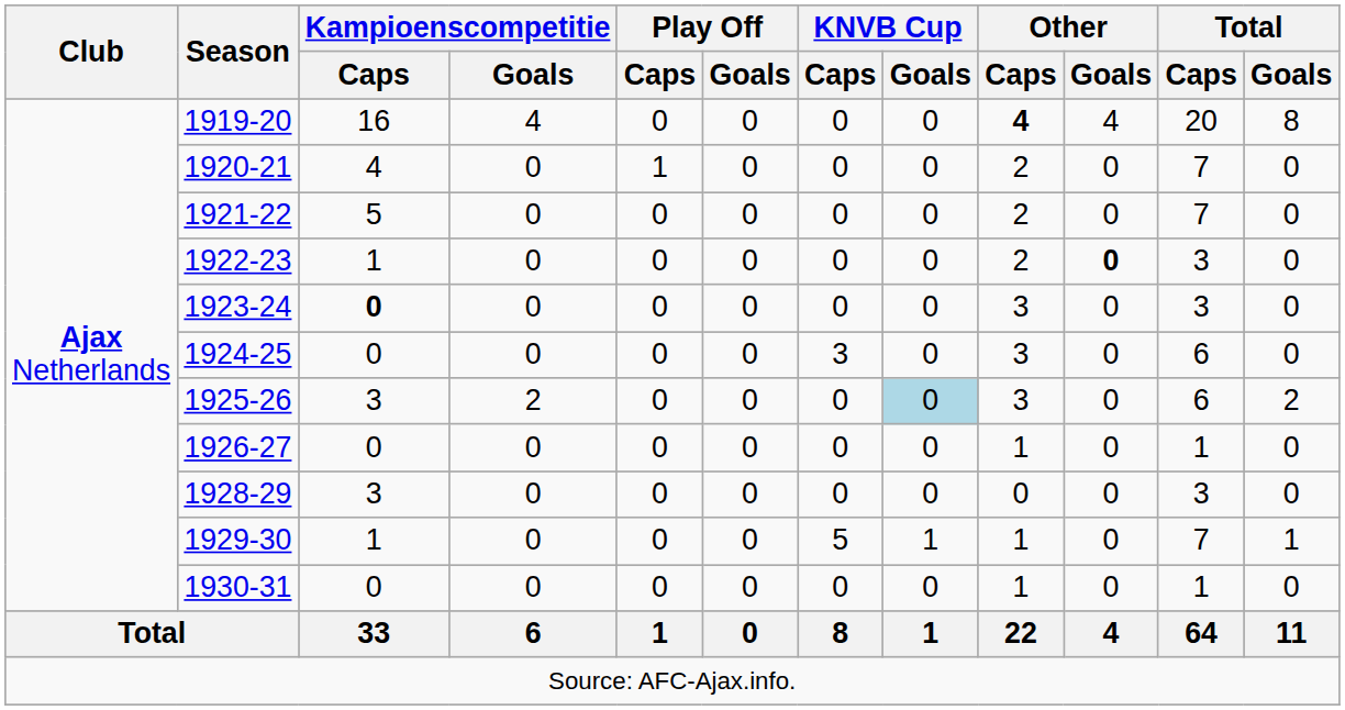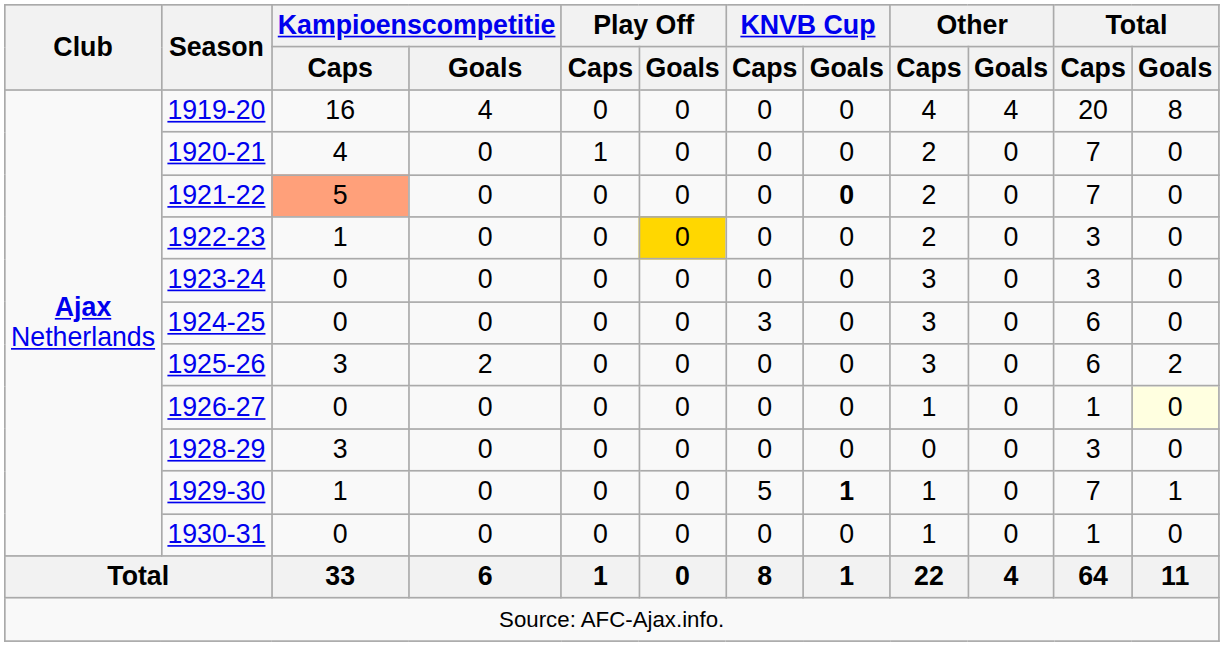 <table align="center" class="wikitable" style="text-align: center;">
 <tr>
 <th rowspan="2">Club</th>
 <th rowspan="2">Season</th>
 <th colspan="2"><a href='#'>Kampioenscompetitie</a></th>
 <th colspan="2">Play Off</th>
 <th colspan="2"><a href='#'>KNVB Cup</a></th>
 <th colspan="2">Other</th>
 <th colspan="2">Total</th>
 </tr>
 <tr>
 <th>Caps</th>
 <th>Goals</th>
 <th>Caps</th>
 <th>Goals</th>
 <th>Caps</th>
 <th>Goals</th>
 <th>Caps</th>
 <th>Goals</th>
 <th>Caps</th>
 <th>Goals</th>
 </tr>
 <tr>
 <td rowspan="11" align=center valign=center><strong><a href='#'>Ajax</a></strong><br><a href='#'>Netherlands</a></td>
 <td><a href='#'>1919-20</a></td>
 <td>16</td>
 <td>4</td>
 <td>0</td>
 <td>0</td>
 <td>0</td>
 <td>0</td>
-<td><strong>4</strong></td>
+<td>4</td>
 <td>4</td>
 <td>20</td>
 <td>8</td>
 </tr>
 <tr>
 <td><a href='#'>1920-21</a></td>
 <td>4</td>
 <td>0</td>
 <td>1</td>
 <td>0</td>
 <td>0</td>
 <td>0</td>
 <td>2</td>
 <td>0</td>
 <td>7</td>
 <td>0</td>
 </tr>
 <tr>
 <td><a href='#'>1921-22</a></td>
-<td>5</td>
+<td style="background: lightsalmon;">5</td>
 <td>0</td>
 <td>0</td>
 <td>0</td>
 <td>0</td>
-<td>0</td>
+<td><strong>0</strong></td>
 <td>2</td>
 <td>0</td>
 <td>7</td>
 <td>0</td>
 </tr>
 <tr>
 <td><a href='#'>1922-23</a></td>
 <td>1</td>
 <td>0</td>
 <td>0</td>
-<td>0</td>
+<td style="background: gold;">0</td>
 <td>0</td>
 <td>0</td>
 <td>2</td>
-<td><strong>0</strong></td>
+<td>0</td>
 <td>3</td>
 <td>0</td>
 </tr>
 <tr>
 <td><a href='#'>1923-24</a></td>
-<td><strong>0</strong></td>
+<td>0</td>
 <td>0</td>
 <td>0</td>
 <td>0</td>
 <td>0</td>
 <td>0</td>
 <td>3</td>
 <td>0</td>
 <td>3</td>
 <td>0</td>
 </tr>
 <tr>
 <td><a href='#'>1924-25</a></td>
 <td>0</td>
 <td>0</td>
 <td>0</td>
 <td>0</td>
 <td>3</td>
 <td>0</td>
 <td>3</td>
 <td>0</td>
 <td>6</td>
 <td>0</td>
 </tr>
 <tr>
 <td><a href='#'>1925-26</a></td>
 <td>3</td>
 <td>2</td>
 <td>0</td>
 <td>0</td>
 <td>0</td>
-<td style="background: lightblue;">0</td>
+<td>0</td>
 <td>3</td>
 <td>0</td>
 <td>6</td>
 <td>2</td>
 </tr>
 <tr>
 <td><a href='#'>1926-27</a></td>
 <td>0</td>
 <td>0</td>
 <td>0</td>
 <td>0</td>
 <td>0</td>
 <td>0</td>
 <td>1</td>
 <td>0</td>
 <td>1</td>
-<td>0</td>
+<td style="background: lightyellow;">0</td>
 </tr>
 <tr>
 <td><a href='#'>1928-29</a></td>
 <td>3</td>
 <td>0</td>
 <td>0</td>
 <td>0</td>
 <td>0</td>
 <td>0</td>
 <td>0</td>
 <td>0</td>
 <td>3</td>
 <td>0</td>
 </tr>
 <tr>
 <td><a href='#'>1929-30</a></td>
 <td>1</td>
 <td>0</td>
 <td>0</td>
 <td>0</td>
 <td>5</td>
-<td>1</td>
+<td><strong>1</strong></td>
 <td>1</td>
 <td>0</td>
 <td>7</td>
 <td>1</td>
 </tr>
 <tr>
 <td><a href='#'>1930-31</a></td>
 <td>0</td>
 <td>0</td>
 <td>0</td>
 <td>0</td>
 <td>0</td>
 <td>0</td>
 <td>1</td>
 <td>0</td>
 <td>1</td>
 <td>0</td>
 </tr>
 <tr>
 <th colspan="2"><strong>Total</strong></th>
 <th>33</th>
 <th>6</th>
 <th>1</th>
 <th>0</th>
 <th>8</th>
 <th>1</th>
 <th>22</th>
 <th>4</th>
 <th>64</th>
 <th>11</th>
 </tr>
 <tr>
 <td colspan="14"><small>Source: AFC-Ajax.info.</small></td>
 </tr>
 </table>
